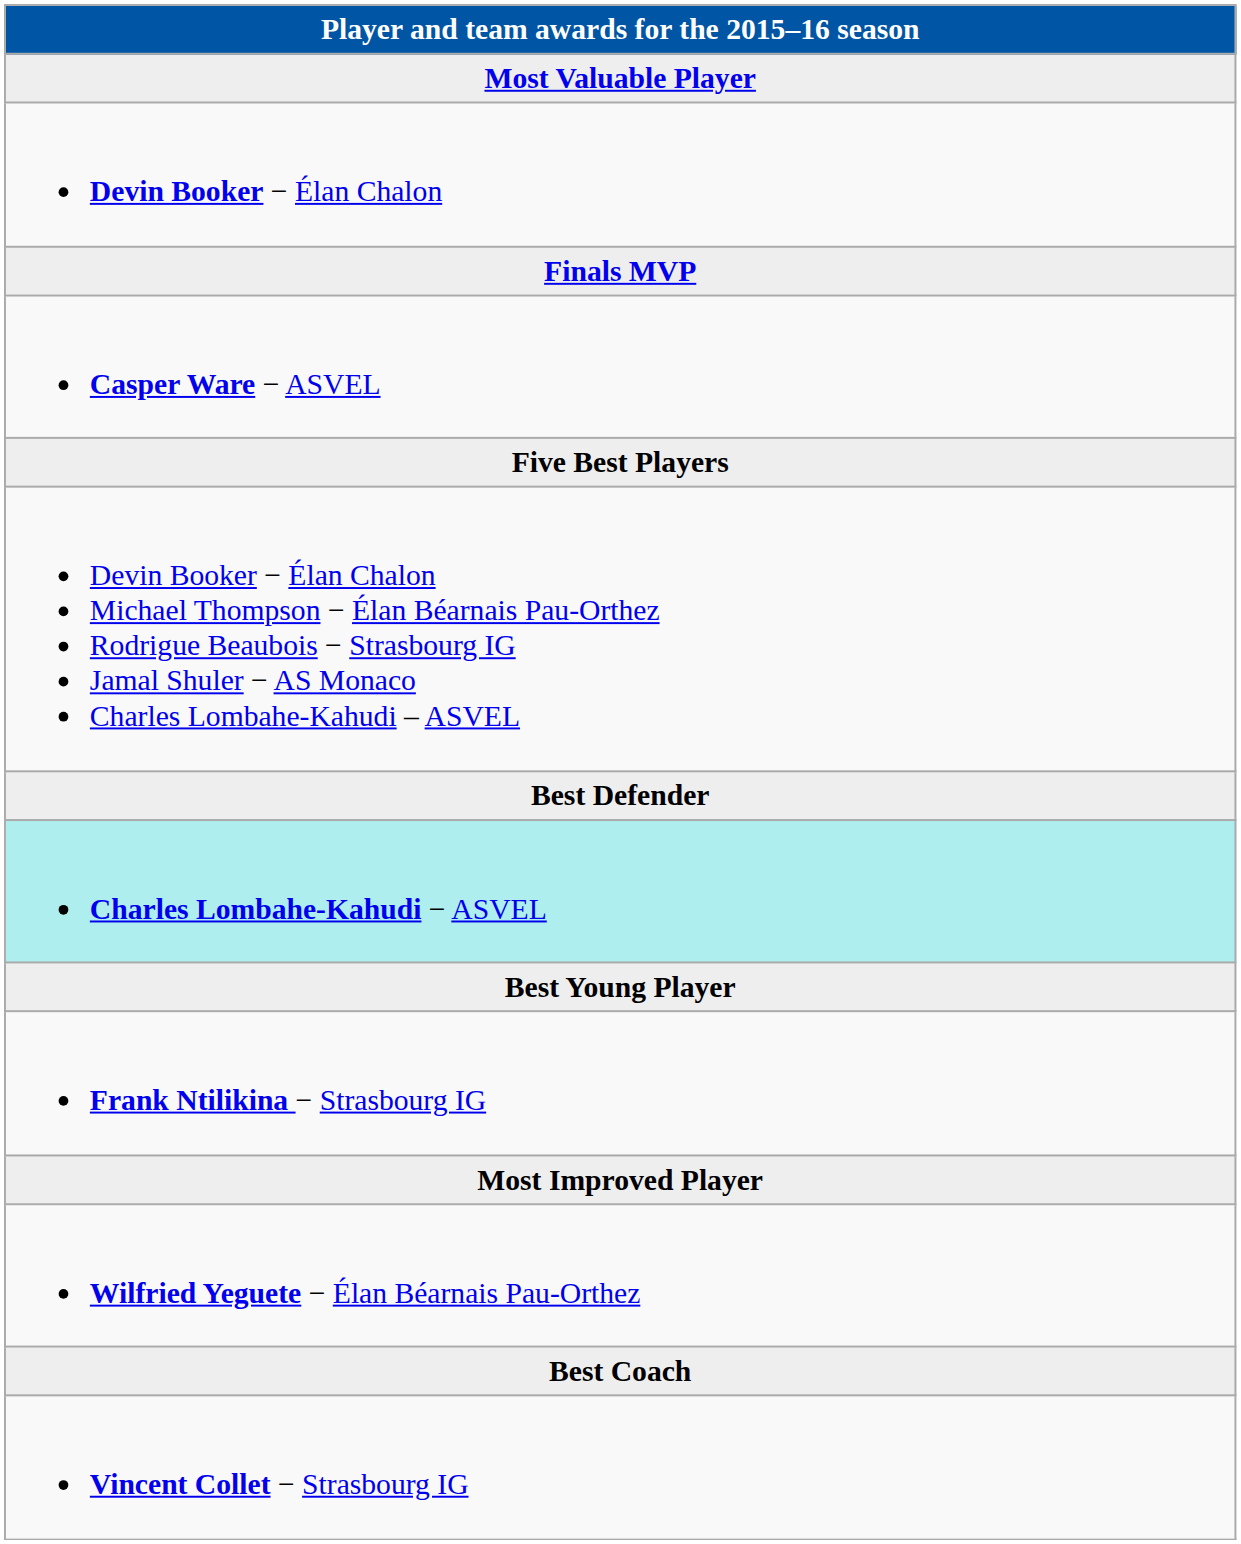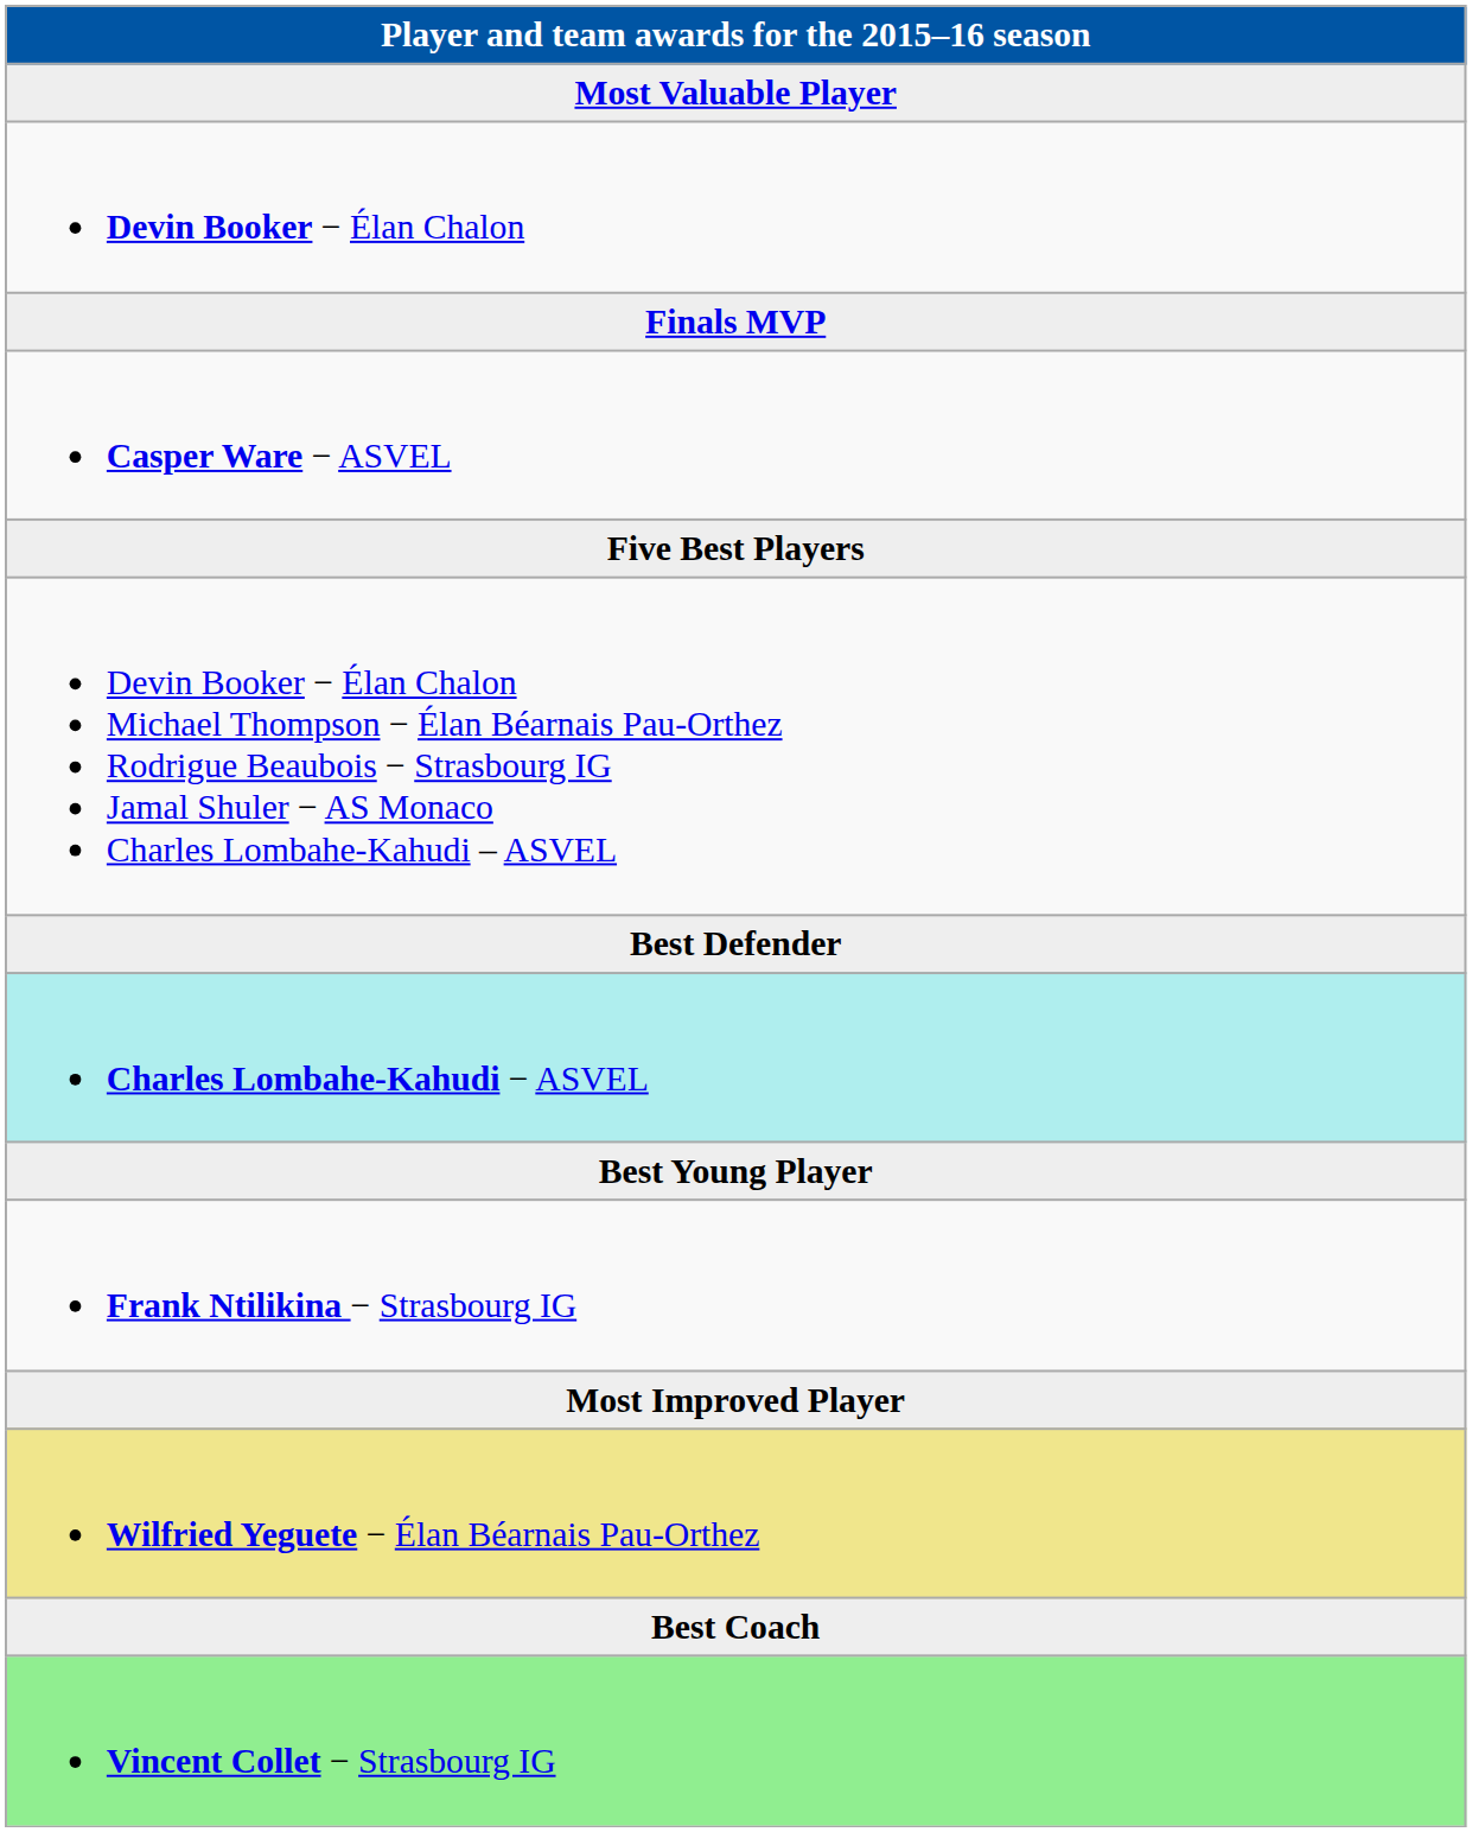 <table class="wikitable" width="50%" style="font-size:95%;">
 <tr>
 <th style="background:#0055A4; color: #FFFFFF">Player and team awards for the 2015–16 season</th>
 </tr>
 <tr>
 <th style="background:#eee; color: #FFFFFF"><a href='#'>Most Valuable Player</a></th>
 </tr>
 <tr>
 <td valign="top"><br><ul><li><strong> <a href='#'>Devin Booker</a></strong> − <a href='#'>Élan Chalon</a></li></ul></td>
 </tr>
 <tr>
 <th style="background:#eee; color: #FFFFFF"><a href='#'>Finals MVP</a></th>
 </tr>
 <tr>
 <td valign="top"><br><ul><li><strong> <a href='#'>Casper Ware</a></strong> − <a href='#'>ASVEL</a></li></ul></td>
 </tr>
 <tr>
 <th style="background:#eee;">Five Best Players</th>
 </tr>
 <tr>
 <td valign="top"><br><ul><li> <a href='#'>Devin Booker</a> − <a href='#'>Élan Chalon</a></li><li> <a href='#'>Michael Thompson</a> − <a href='#'>Élan Béarnais Pau-Orthez</a></li><li> <a href='#'>Rodrigue Beaubois</a> − <a href='#'>Strasbourg IG</a></li><li> <a href='#'>Jamal Shuler</a> − <a href='#'>AS Monaco</a></li><li> <a href='#'>Charles Lombahe-Kahudi</a> – <a href='#'>ASVEL</a></li></ul></td>
 </tr>
 <tr>
 <th style="background:#eee;">Best Defender</th>
 </tr>
 <tr>
 <td valign="top" style="background: paleturquoise;"><br><ul><li><strong> <a href='#'>Charles Lombahe-Kahudi</a></strong> − <a href='#'>ASVEL</a></li></ul></td>
 </tr>
 <tr>
 <th style="background:#eee;">Best Young Player</th>
 </tr>
 <tr>
 <td valign="top"><br><ul><li> <strong><a href='#'>Frank Ntilikina </a></strong> − <a href='#'>Strasbourg IG</a></li></ul></td>
 </tr>
 <tr>
 <th style="background:#eee;">Most Improved Player</th>
 </tr>
 <tr>
-<td valign="top"><br><ul><li><strong> <a href='#'>Wilfried Yeguete</a></strong> − <a href='#'>Élan Béarnais Pau-Orthez</a></li></ul></td>
+<td valign="top" style="background: khaki;"><br><ul><li><strong> <a href='#'>Wilfried Yeguete</a></strong> − <a href='#'>Élan Béarnais Pau-Orthez</a></li></ul></td>
 </tr>
 <tr>
 <th style="background:#eee;">Best Coach</th>
 </tr>
 <tr>
-<td valign="top"><br><ul><li><strong> <a href='#'>Vincent Collet</a></strong> − <a href='#'>Strasbourg IG</a></li></ul></td>
+<td valign="top" style="background: lightgreen;"><br><ul><li><strong> <a href='#'>Vincent Collet</a></strong> − <a href='#'>Strasbourg IG</a></li></ul></td>
 </tr>
 </table>
